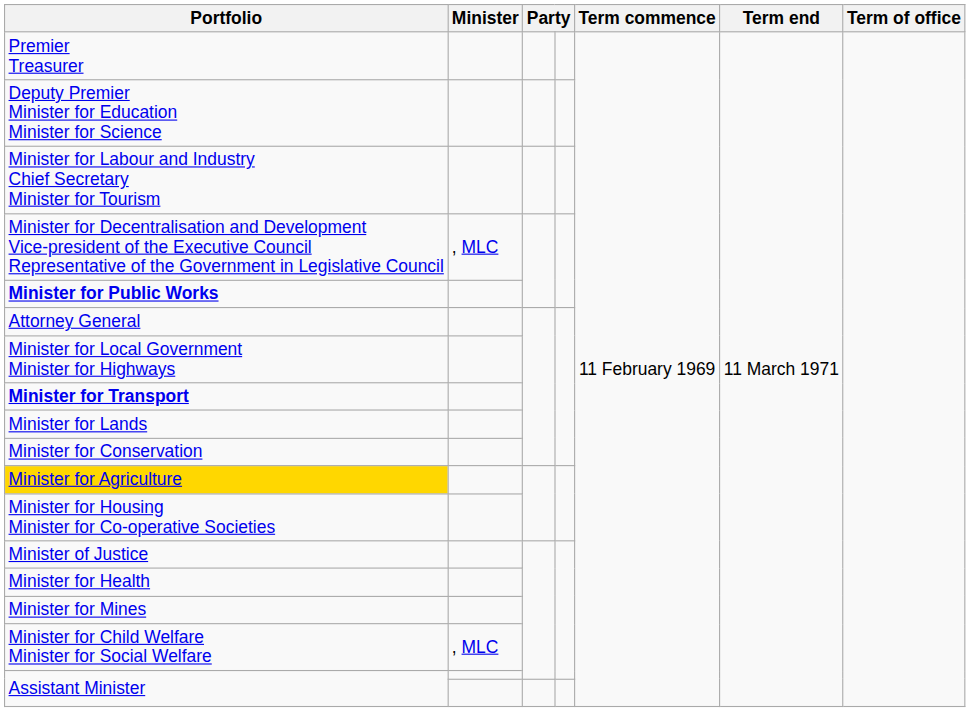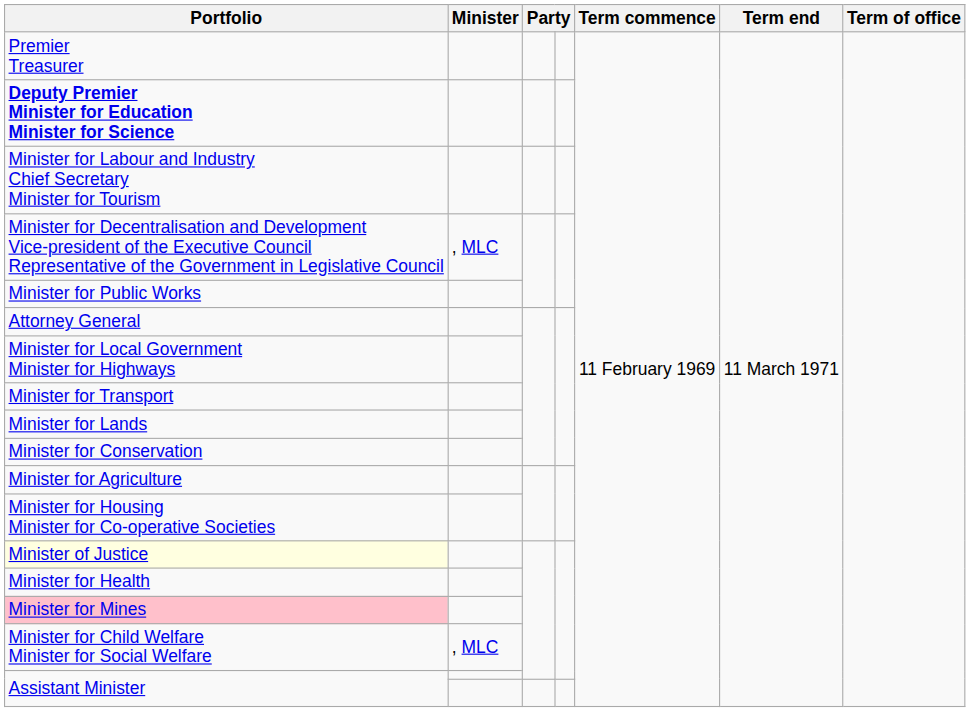 <table class="wikitable sortable">
 <tr>
 <th>Portfolio</th>
 <th>Minister</th>
 <th colspan="2">Party</th>
 <th>Term commence</th>
 <th>Term end</th>
 <th>Term of office</th>
 </tr>
 <tr>
 <td><a href='#'>Premier</a><br><a href='#'>Treasurer</a></td>
 <td></td>
 <td> </td>
 <td></td>
 <td rowspan=18 align=center>11 February 1969</td>
 <td rowspan=18 align=center>11 March 1971</td>
 <td rowspan=18 align=right></td>
 </tr>
 <tr>
-<td><a href='#'>Deputy Premier</a><br><a href='#'>Minister for Education</a><br><a href='#'>Minister for Science</a></td>
+<td><strong><a href='#'>Deputy Premier</a><br><a href='#'>Minister for Education</a><br><a href='#'>Minister for Science</a></strong></td>
 <td></td>
 <td> </td>
 <td></td>
 </tr>
 <tr>
 <td><a href='#'>Minister for Labour and Industry</a><br><a href='#'>Chief Secretary</a><br><a href='#'>Minister for Tourism</a></td>
 <td></td>
 <td> </td>
 <td></td>
 </tr>
 <tr>
 <td><a href='#'>Minister for Decentralisation and Development</a><br><a href='#'>Vice-president of the Executive Council</a><br><a href='#'>Representative of the Government in Legislative Council</a></td>
 <td>, <a href='#'>MLC</a></td>
 <td rowspan=2 > </td>
 <td rowspan=2></td>
 </tr>
 <tr>
-<td><strong><a href='#'>Minister for Public Works</a></strong></td>
+<td><a href='#'>Minister for Public Works</a></td>
 <td></td>
 </tr>
 <tr>
 <td><a href='#'>Attorney General</a></td>
 <td></td>
 <td rowspan=5 > </td>
 <td rowspan=5></td>
 </tr>
 <tr>
 <td><a href='#'>Minister for Local Government</a><br><a href='#'>Minister for Highways</a></td>
 <td></td>
 </tr>
 <tr>
-<td><strong><a href='#'>Minister for Transport</a></strong></td>
+<td><a href='#'>Minister for Transport</a></td>
 <td></td>
 </tr>
 <tr>
 <td><a href='#'>Minister for Lands</a></td>
 <td></td>
 </tr>
 <tr>
 <td><a href='#'>Minister for Conservation</a></td>
 <td></td>
 </tr>
 <tr>
-<td style="background: gold;"><a href='#'>Minister for Agriculture</a></td>
+<td><a href='#'>Minister for Agriculture</a></td>
 <td></td>
 <td rowspan=2 > </td>
 <td rowspan=2></td>
 </tr>
 <tr>
 <td><a href='#'>Minister for Housing</a><br><a href='#'>Minister for Co-operative Societies</a></td>
 <td></td>
 </tr>
 <tr>
-<td><a href='#'>Minister of Justice</a></td>
+<td style="background: lightyellow;"><a href='#'>Minister of Justice</a></td>
 <td></td>
 <td rowspan=5 > </td>
 <td rowspan=5></td>
 </tr>
 <tr>
 <td><a href='#'>Minister for Health</a></td>
 <td></td>
 </tr>
 <tr>
-<td><a href='#'>Minister for Mines</a></td>
+<td style="background: pink;"><a href='#'>Minister for Mines</a></td>
 <td></td>
 </tr>
 <tr>
 <td><a href='#'>Minister for Child Welfare</a><br><a href='#'>Minister for Social Welfare</a></td>
 <td>, <a href='#'>MLC</a></td>
 </tr>
 <tr>
 <td rowspan=2><a href='#'>Assistant Minister</a></td>
 <td></td>
 </tr>
 <tr>
 <td></td>
 <td> </td>
 <td></td>
 </tr>
 </table>
